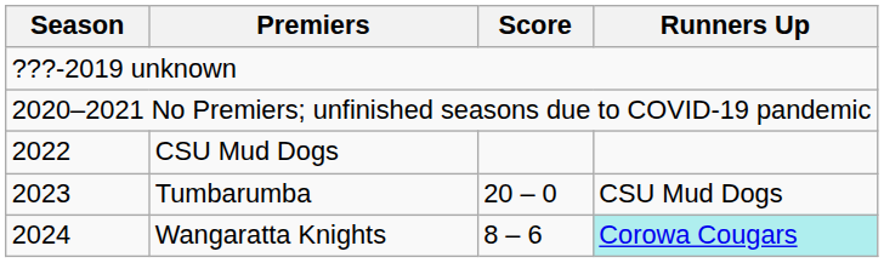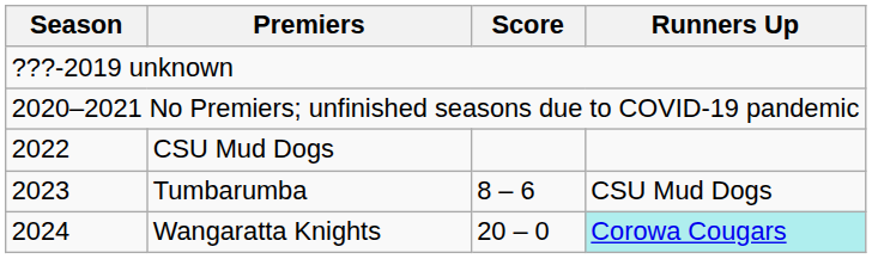 <table class="wikitable" border="1">
 <tr>
 <th>Season</th>
 <th>Premiers</th>
 <th>Score</th>
 <th>Runners Up</th>
 </tr>
 <tr>
 <td colspan="4">???-2019 unknown</td>
 </tr>
 <tr>
 <td colspan="4">2020–2021 No Premiers; unfinished seasons due to COVID-19 pandemic</td>
 </tr>
 <tr>
 <td>2022</td>
 <td> CSU Mud Dogs</td>
 <td></td>
 <td></td>
 </tr>
 <tr>
 <td>2023</td>
 <td> Tumbarumba</td>
-<td>20 – 0</td>
+<td>8 – 6</td>
 <td> CSU Mud Dogs</td>
 </tr>
 <tr>
 <td>2024</td>
 <td> Wangaratta Knights</td>
-<td>8 – 6</td>
+<td>20 – 0</td>
 <td style="background: paleturquoise;"> <a href='#'>Corowa Cougars</a></td>
 </tr>
 </table>
